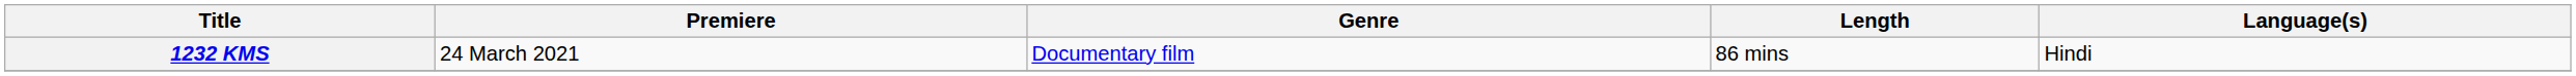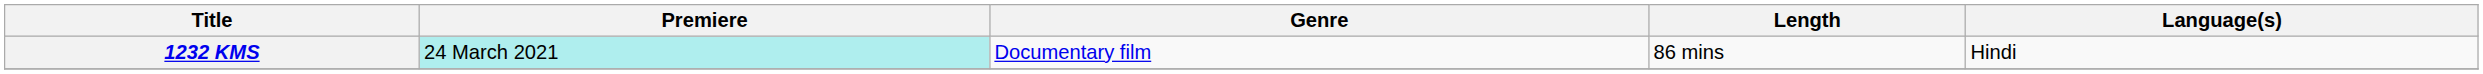 <table class="wikitable plainrowheaders sortable" style="width:99%;">
 <tr>
 <th>Title</th>
 <th>Premiere</th>
 <th>Genre</th>
 <th>Length</th>
 <th>Language(s)</th>
 </tr>
 <tr>
 <th scope="row"><em><a href='#'>1232 KMS</a></em></th>
-<td>24 March 2021</td>
+<td style="background: paleturquoise;">24 March 2021</td>
 <td><a href='#'>Documentary film</a></td>
 <td>86 mins</td>
 <td>Hindi</td>
 </tr>
 <tr>
 </tr>
 </table>
